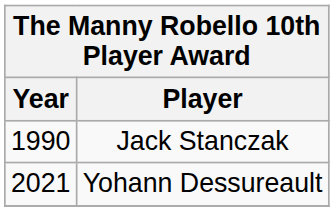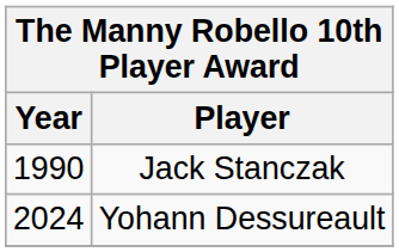 <table class="wikitable" style="display: inline-table; margin-right: 20px; text-align:center">
 <tr>
 <th scope="col" colspan="2" style="width: 145px;">The Manny Robello 10th Player Award</th>
 </tr>
 <tr>
 <th scope="col">Year</th>
 <th scope="col">Player</th>
 </tr>
 <tr>
 <td>1990</td>
 <td>Jack Stanczak</td>
 </tr>
 <tr>
-<td>2021</td>
+<td>2024</td>
 <td>Yohann Dessureault</td>
 </tr>
 <tr>
 </tr>
 </table>
